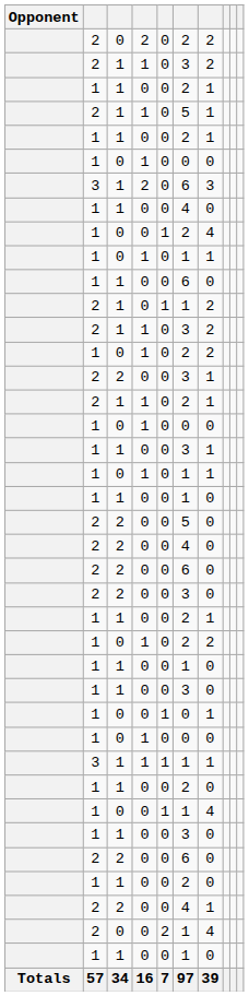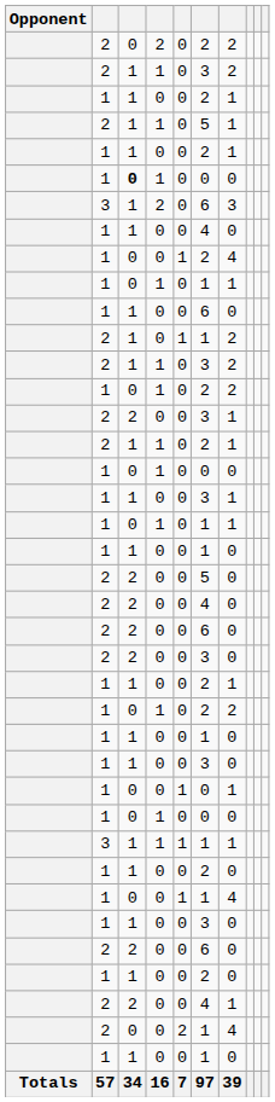 <table class="wikitable plainrowheaders sortable" style="text-align:center">
 <tr>
 <th scope=col>Opponent</th>
 <th scope=col></th>
 <th scope=col></th>
 <th scope=col></th>
 <th scope=col></th>
 <th scope=col></th>
 <th scope=col></th>
 <th scope=col></th>
 <th scope=col></th>
 <th scope=col></th>
 </tr>
 <tr>
 <th scope=row style="text-align:left;"></th>
 <td>2</td>
 <td>0</td>
 <td>2</td>
 <td>0</td>
 <td>2</td>
 <td>2</td>
 <td></td>
 <td></td>
 <td></td>
 </tr>
 <tr>
 <th scope=row style="text-align:left;"></th>
 <td>2</td>
 <td>1</td>
 <td>1</td>
 <td>0</td>
 <td>3</td>
 <td>2</td>
 <td></td>
 <td></td>
 <td></td>
 </tr>
 <tr>
 <th scope=row style="text-align:left;"></th>
 <td>1</td>
 <td>1</td>
 <td>0</td>
 <td>0</td>
 <td>2</td>
 <td>1</td>
 <td></td>
 <td></td>
 <td></td>
 </tr>
 <tr>
 <th scope=row style="text-align:left;"></th>
 <td>2</td>
 <td>1</td>
 <td>1</td>
 <td>0</td>
 <td>5</td>
 <td>1</td>
 <td></td>
 <td></td>
 <td></td>
 </tr>
 <tr>
 <th scope=row style="text-align:left;"></th>
 <td>1</td>
 <td>1</td>
 <td>0</td>
 <td>0</td>
 <td>2</td>
 <td>1</td>
 <td></td>
 <td></td>
 <td></td>
 </tr>
 <tr>
 <th scope=row style="text-align:left;"></th>
 <td>1</td>
-<td>0</td>
+<td><strong>0</strong></td>
 <td>1</td>
 <td>0</td>
 <td>0</td>
 <td>0</td>
 <td></td>
 <td></td>
 <td></td>
 </tr>
 <tr>
 <th scope=row style="text-align:left;"></th>
 <td>3</td>
 <td>1</td>
 <td>2</td>
 <td>0</td>
 <td>6</td>
 <td>3</td>
 <td></td>
 <td></td>
 <td></td>
 </tr>
 <tr>
 <th scope=row style="text-align:left;"></th>
 <td>1</td>
 <td>1</td>
 <td>0</td>
 <td>0</td>
 <td>4</td>
 <td>0</td>
 <td></td>
 <td></td>
 <td></td>
 </tr>
 <tr>
 <th scope=row style="text-align:left;"></th>
 <td>1</td>
 <td>0</td>
 <td>0</td>
 <td>1</td>
 <td>2</td>
 <td>4</td>
 <td></td>
 <td></td>
 <td></td>
 </tr>
 <tr>
 <th scope=row style="text-align:left;"></th>
 <td>1</td>
 <td>0</td>
 <td>1</td>
 <td>0</td>
 <td>1</td>
 <td>1</td>
 <td></td>
 <td></td>
 <td></td>
 </tr>
 <tr>
 <th scope=row style="text-align:left;"></th>
 <td>1</td>
 <td>1</td>
 <td>0</td>
 <td>0</td>
 <td>6</td>
 <td>0</td>
 <td></td>
 <td></td>
 <td></td>
 </tr>
 <tr>
 <th scope=row style="text-align:left;"></th>
 <td>2</td>
 <td>1</td>
 <td>0</td>
 <td>1</td>
 <td>1</td>
 <td>2</td>
 <td></td>
 <td></td>
 <td></td>
 </tr>
 <tr>
 <th scope=row style="text-align:left;"></th>
 <td>2</td>
 <td>1</td>
 <td>1</td>
 <td>0</td>
 <td>3</td>
 <td>2</td>
 <td></td>
 <td></td>
 <td></td>
 </tr>
 <tr>
 <th scope=row style="text-align:left;"></th>
 <td>1</td>
 <td>0</td>
 <td>1</td>
 <td>0</td>
 <td>2</td>
 <td>2</td>
 <td></td>
 <td></td>
 <td></td>
 </tr>
 <tr>
 <th scope=row style="text-align:left;"></th>
 <td>2</td>
 <td>2</td>
 <td>0</td>
 <td>0</td>
 <td>3</td>
 <td>1</td>
 <td></td>
 <td></td>
 <td></td>
 </tr>
 <tr>
 <th scope=row style="text-align:left;"></th>
 <td>2</td>
 <td>1</td>
 <td>1</td>
 <td>0</td>
 <td>2</td>
 <td>1</td>
 <td></td>
 <td></td>
 <td></td>
 </tr>
 <tr>
 <th scope=row style="text-align:left;"></th>
 <td>1</td>
 <td>0</td>
 <td>1</td>
 <td>0</td>
 <td>0</td>
 <td>0</td>
 <td></td>
 <td></td>
 <td></td>
 </tr>
 <tr>
 <th scope=row style="text-align:left;"></th>
 <td>1</td>
 <td>1</td>
 <td>0</td>
 <td>0</td>
 <td>3</td>
 <td>1</td>
 <td></td>
 <td></td>
 <td></td>
 </tr>
 <tr>
 <th scope=row style="text-align:left;"></th>
 <td>1</td>
 <td>0</td>
 <td>1</td>
 <td>0</td>
 <td>1</td>
 <td>1</td>
 <td></td>
 <td></td>
 <td></td>
 </tr>
 <tr>
 <th scope=row style="text-align:left;"></th>
 <td>1</td>
 <td>1</td>
 <td>0</td>
 <td>0</td>
 <td>1</td>
 <td>0</td>
 <td></td>
 <td></td>
 <td></td>
 </tr>
 <tr>
 <th scope=row style="text-align:left;"></th>
 <td>2</td>
 <td>2</td>
 <td>0</td>
 <td>0</td>
 <td>5</td>
 <td>0</td>
 <td></td>
 <td></td>
 <td></td>
 </tr>
 <tr>
 <th scope=row style="text-align:left;"></th>
 <td>2</td>
 <td>2</td>
 <td>0</td>
 <td>0</td>
 <td>4</td>
 <td>0</td>
 <td></td>
 <td></td>
 <td></td>
 </tr>
 <tr>
 <th scope=row style="text-align:left;"></th>
 <td>2</td>
 <td>2</td>
 <td>0</td>
 <td>0</td>
 <td>6</td>
 <td>0</td>
 <td></td>
 <td></td>
 <td></td>
 </tr>
 <tr>
 <th scope=row style="text-align:left;"></th>
 <td>2</td>
 <td>2</td>
 <td>0</td>
 <td>0</td>
 <td>3</td>
 <td>0</td>
 <td></td>
 <td></td>
 <td></td>
 </tr>
 <tr>
 <th scope=row style="text-align:left;"></th>
 <td>1</td>
 <td>1</td>
 <td>0</td>
 <td>0</td>
 <td>2</td>
 <td>1</td>
 <td></td>
 <td></td>
 <td></td>
 </tr>
 <tr>
 <th scope=row style="text-align:left;"></th>
 <td>1</td>
 <td>0</td>
 <td>1</td>
 <td>0</td>
 <td>2</td>
 <td>2</td>
 <td></td>
 <td></td>
 <td></td>
 </tr>
 <tr>
 <th scope=row style="text-align:left;"></th>
 <td>1</td>
 <td>1</td>
 <td>0</td>
 <td>0</td>
 <td>1</td>
 <td>0</td>
 <td></td>
 <td></td>
 <td></td>
 </tr>
 <tr>
 <th scope=row style="text-align:left;"></th>
 <td>1</td>
 <td>1</td>
 <td>0</td>
 <td>0</td>
 <td>3</td>
 <td>0</td>
 <td></td>
 <td></td>
 <td></td>
 </tr>
 <tr>
 <th scope=row style="text-align:left;"></th>
 <td>1</td>
 <td>0</td>
 <td>0</td>
 <td>1</td>
 <td>0</td>
 <td>1</td>
 <td></td>
 <td></td>
 <td></td>
 </tr>
 <tr>
 <th scope=row style="text-align:left;"></th>
 <td>1</td>
 <td>0</td>
 <td>1</td>
 <td>0</td>
 <td>0</td>
 <td>0</td>
 <td></td>
 <td></td>
 <td></td>
 </tr>
 <tr>
 <th scope=row style="text-align:left;"></th>
 <td>3</td>
 <td>1</td>
 <td>1</td>
 <td>1</td>
 <td>1</td>
 <td>1</td>
 <td></td>
 <td></td>
 <td></td>
 </tr>
 <tr>
 <th scope=row style="text-align:left;"></th>
 <td>1</td>
 <td>1</td>
 <td>0</td>
 <td>0</td>
 <td>2</td>
 <td>0</td>
 <td></td>
 <td></td>
 <td></td>
 </tr>
 <tr>
 <th scope=row style="text-align:left;"></th>
 <td>1</td>
 <td>0</td>
 <td>0</td>
 <td>1</td>
 <td>1</td>
 <td>4</td>
 <td></td>
 <td></td>
 <td></td>
 </tr>
 <tr>
 <th scope=row style="text-align:left;"></th>
 <td>1</td>
 <td>1</td>
 <td>0</td>
 <td>0</td>
 <td>3</td>
 <td>0</td>
 <td></td>
 <td></td>
 <td></td>
 </tr>
 <tr>
 <th scope=row style="text-align:left;"></th>
 <td>2</td>
 <td>2</td>
 <td>0</td>
 <td>0</td>
 <td>6</td>
 <td>0</td>
 <td></td>
 <td></td>
 <td></td>
 </tr>
 <tr>
 <th scope=row style="text-align:left;"></th>
 <td>1</td>
 <td>1</td>
 <td>0</td>
 <td>0</td>
 <td>2</td>
 <td>0</td>
 <td></td>
 <td></td>
 <td></td>
 </tr>
 <tr>
 <th scope=row style="text-align:left;"></th>
 <td>2</td>
 <td>2</td>
 <td>0</td>
 <td>0</td>
 <td>4</td>
 <td>1</td>
 <td></td>
 <td></td>
 <td></td>
 </tr>
 <tr>
 <th scope=row style="text-align:left;"></th>
 <td>2</td>
 <td>0</td>
 <td>0</td>
 <td>2</td>
 <td>1</td>
 <td>4</td>
 <td></td>
 <td></td>
 <td></td>
 </tr>
 <tr>
 <th scope=row style="text-align:left;"></th>
 <td>1</td>
 <td>1</td>
 <td>0</td>
 <td>0</td>
 <td>1</td>
 <td>0</td>
 <td></td>
 <td></td>
 <td></td>
 </tr>
 <tr class="sortbottom">
 <th>Totals</th>
 <th>57</th>
 <th>34</th>
 <th>16</th>
 <th>7</th>
 <th>97</th>
 <th>39</th>
 <th></th>
 <th></th>
 <th></th>
 </tr>
 </table>
